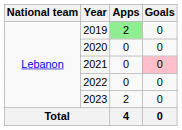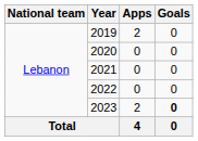 <table class="wikitable" style="text-align:center">
 <tr>
 <th>National team</th>
 <th>Year</th>
 <th>Apps</th>
 <th>Goals</th>
 </tr>
 <tr>
 <td rowspan="5"><a href='#'>Lebanon</a></td>
 <td>2019</td>
-<td style="background: lightgreen;">2</td>
+<td>2</td>
 <td>0</td>
 </tr>
 <tr>
 <td>2020</td>
 <td>0</td>
 <td>0</td>
 </tr>
 <tr>
 <td>2021</td>
 <td>0</td>
-<td style="background: pink;">0</td>
+<td>0</td>
 </tr>
 <tr>
 <td>2022</td>
 <td>0</td>
 <td>0</td>
 </tr>
 <tr>
 <td>2023</td>
 <td>2</td>
-<td>0</td>
+<td><strong>0</strong></td>
 </tr>
 <tr>
 <th colspan="2">Total</th>
 <th>4</th>
 <th>0</th>
 </tr>
 </table>
